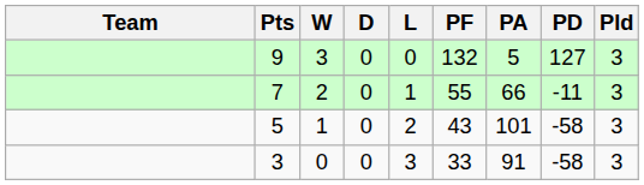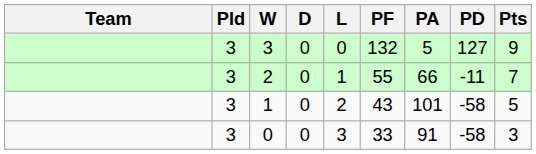 <table class="wikitable" style="text-align:center;">
 <tr>
 <th width=175>Team</th>
-<th width=25 abbr="Points">Pts</th>
+<th width=25 abbr="Played">Pld</th>
 <th width=25 abbr="Won">W</th>
 <th width=25 abbr="Drawn">D</th>
 <th width=25 abbr="Lost">L</th>
 <th width=32 abbr="Points for">PF</th>
 <th width=32 abbr="Points against">PA</th>
 <th width=32 abbr="Points difference">PD</th>
-<th width=25 abbr="Played">Pld</th>
+<th width=25 abbr="Points">Pts</th>
 </tr>
 <tr bgcolor="#ccffcc">
 <td align=left></td>
-<td>9</td>
+<td>3</td>
 <td>3</td>
 <td>0</td>
 <td>0</td>
 <td>132</td>
 <td>5</td>
 <td>127</td>
-<td>3</td>
+<td>9</td>
 </tr>
 <tr bgcolor="#ccffcc">
 <td align=left></td>
-<td>7</td>
+<td>3</td>
 <td>2</td>
 <td>0</td>
 <td>1</td>
 <td>55</td>
 <td>66</td>
 <td>-11</td>
-<td>3</td>
+<td>7</td>
 </tr>
 <tr>
 <td align=left></td>
-<td>5</td>
+<td>3</td>
 <td>1</td>
 <td>0</td>
 <td>2</td>
 <td>43</td>
 <td>101</td>
 <td>-58</td>
-<td>3</td>
+<td>5</td>
 </tr>
 <tr>
 <td align=left></td>
 <td>3</td>
 <td>0</td>
 <td>0</td>
 <td>3</td>
 <td>33</td>
 <td>91</td>
 <td>-58</td>
 <td>3</td>
 </tr>
 </table>
